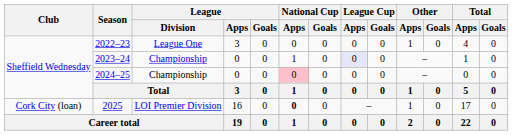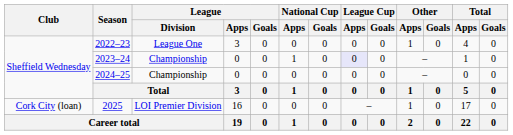 <table class=wikitable style="text-align:center">
 <tr>
 <th rowspan=2>Club</th>
 <th rowspan=2>Season</th>
 <th colspan=3>League</th>
 <th colspan=2>National Cup</th>
 <th colspan=2>League Cup</th>
 <th colspan=2>Other</th>
 <th colspan=2>Total</th>
 </tr>
 <tr>
 <th>Division</th>
 <th>Apps</th>
 <th>Goals</th>
 <th>Apps</th>
 <th>Goals</th>
 <th>Apps</th>
 <th>Goals</th>
 <th>Apps</th>
 <th>Goals</th>
 <th>Apps</th>
 <th>Goals</th>
 </tr>
 <tr>
 <td rowspan="4"><a href='#'>Sheffield Wednesday</a></td>
 <td><a href='#'>2022–23</a></td>
 <td><a href='#'>League One</a></td>
 <td>3</td>
 <td>0</td>
 <td>0</td>
 <td>0</td>
 <td>0</td>
 <td>0</td>
 <td>1</td>
 <td>0</td>
 <td>4</td>
 <td>0</td>
 </tr>
 <tr>
 <td><a href='#'>2023–24</a></td>
 <td><a href='#'>Championship</a></td>
 <td>0</td>
 <td>0</td>
 <td>1</td>
 <td>0</td>
 <td style="background: lavender;">0</td>
 <td>0</td>
 <td colspan="2">–</td>
 <td>1</td>
 <td>0</td>
 </tr>
 <tr>
 <td><a href='#'>2024–25</a></td>
 <td>Championship</td>
 <td>0</td>
 <td>0</td>
-<td style="background: pink;">0</td>
+<td>0</td>
 <td>0</td>
 <td>0</td>
 <td>0</td>
 <td colspan="2">–</td>
 <td>0</td>
 <td>0</td>
 </tr>
 <tr>
 <th colspan="2">Total</th>
 <th>3</th>
 <th>0</th>
 <th>1</th>
 <th>0</th>
 <th>0</th>
 <th>0</th>
 <th>1</th>
 <th>0</th>
 <th>5</th>
 <th>0</th>
 </tr>
 <tr>
 <td><a href='#'>Cork City</a> (loan)</td>
 <td><a href='#'>2025</a></td>
 <td><a href='#'>LOI Premier Division</a></td>
 <td>16</td>
 <td>0</td>
-<td><strong>0</strong></td>
+<td>0</td>
 <td>0</td>
 <td colspan="2">–</td>
 <td>1</td>
 <td>0</td>
 <td>17</td>
 <td>0</td>
 </tr>
 <tr>
 <th colspan=3>Career total</th>
 <th>19</th>
 <th>0</th>
 <th>1</th>
 <th>0</th>
 <th>0</th>
 <th>0</th>
 <th>2</th>
 <th>0</th>
 <th>22</th>
 <th>0</th>
 </tr>
 </table>
